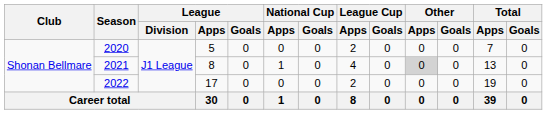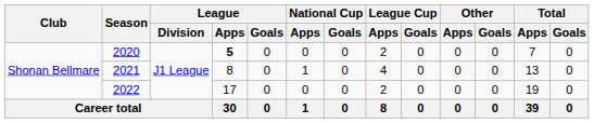 <table class="wikitable" style="text-align:center">
 <tr>
 <th rowspan="2">Club</th>
 <th rowspan="2">Season</th>
 <th colspan="3">League</th>
 <th colspan="2">National Cup</th>
 <th colspan="2">League Cup</th>
 <th colspan="2">Other</th>
 <th colspan="2">Total</th>
 </tr>
 <tr>
 <th>Division</th>
 <th>Apps</th>
 <th>Goals</th>
 <th>Apps</th>
 <th>Goals</th>
 <th>Apps</th>
 <th>Goals</th>
 <th>Apps</th>
 <th>Goals</th>
 <th>Apps</th>
 <th>Goals</th>
 </tr>
 <tr>
 <td rowspan="3"><a href='#'>Shonan Bellmare</a></td>
 <td><a href='#'>2020</a></td>
 <td rowspan="3"><a href='#'>J1 League</a></td>
-<td>5</td>
+<td><strong>5</strong></td>
 <td>0</td>
 <td>0</td>
 <td>0</td>
 <td>2</td>
 <td>0</td>
 <td>0</td>
 <td>0</td>
 <td>7</td>
 <td>0</td>
 </tr>
 <tr>
 <td><a href='#'>2021</a></td>
 <td>8</td>
 <td>0</td>
 <td>1</td>
 <td>0</td>
 <td>4</td>
 <td>0</td>
-<td style="background: lightgrey;">0</td>
+<td>0</td>
 <td>0</td>
 <td>13</td>
 <td>0</td>
 </tr>
 <tr>
 <td><a href='#'>2022</a></td>
 <td>17</td>
 <td>0</td>
 <td>0</td>
 <td>0</td>
 <td>2</td>
 <td>0</td>
 <td>0</td>
 <td>0</td>
 <td>19</td>
 <td>0</td>
 </tr>
 <tr>
 <th colspan=3>Career total</th>
 <th>30</th>
 <th>0</th>
 <th>1</th>
 <th>0</th>
 <th>8</th>
 <th>0</th>
 <th>0</th>
 <th>0</th>
 <th>39</th>
 <th>0</th>
 </tr>
 </table>
